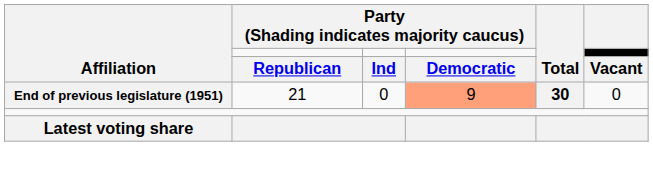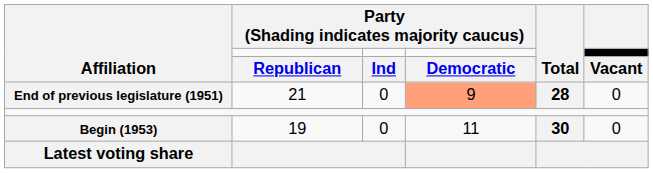 <table class=wikitable style="text-align:center; width:50%">
 <tr style="vertical-align:bottom;">
 <th rowspan=3>Affiliation</th>
 <th colspan=3>Party <div>(Shading indicates majority caucus)</div></th>
 <th rowspan=3>Total</th>
 <th></th>
 </tr>
 <tr style="height:5px">
 <td style="background-color:"></td>
 <td style="background-color:"></td>
 <td style="background-color:"></td>
 <td style="background-color:black"></td>
 </tr>
 <tr>
 <th><a href='#'>Republican</a></th>
 <th><a href='#'>Ind</a></th>
 <th><a href='#'>Democratic</a></th>
 <th>Vacant</th>
 </tr>
 <tr>
 <th nowrap style="font-size:80%">End of previous legislature (1951)</th>
 <td>21</td>
 <td>0</td>
 <td style="background: lightsalmon;">9</td>
-<th>30</th>
+<th>28</th>
 <td>0</td>
 </tr>
 <tr>
 <td colspan=6></td>
+</tr>
+<tr>
+<th nowrap style="font-size:80%">Begin (1953)</th>
+<td>19</td>
+<td>0</td>
+<td>11</td>
+<th>30</th>
+<td>0</td>
 </tr>
 <tr>
 <th>Latest voting share</th>
 <th colspan=2 ></th>
 <th></th>
 <th colspan=2></th>
 </tr>
 </table>
